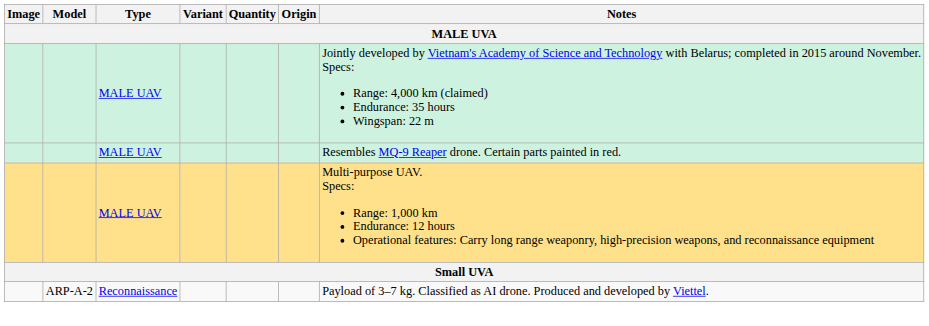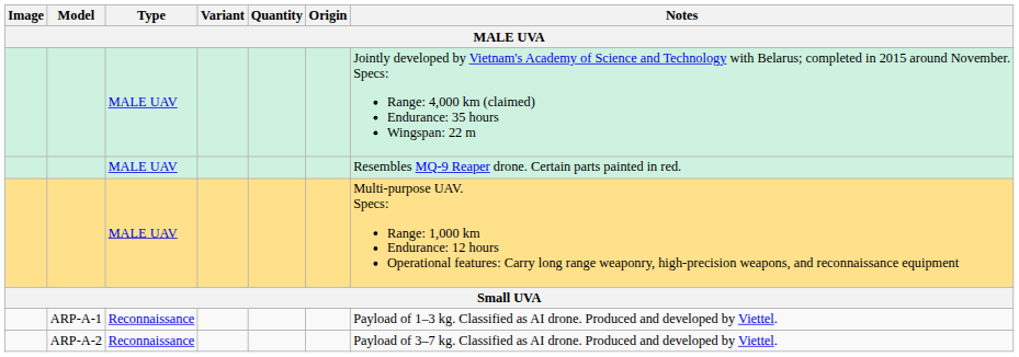 <table class="wikitable">
 <tr>
 <th>Image</th>
 <th>Model</th>
 <th>Type</th>
 <th>Variant</th>
 <th>Quantity</th>
 <th>Origin</th>
 <th>Notes</th>
 </tr>
 <tr>
 <th colspan="7">MALE UVA</th>
 </tr>
 <tr>
 <td style="background: #CEF2E0 "></td>
 <td style="background: #CEF2E0 "></td>
 <td style="background: #CEF2E0 "><a href='#'>MALE UAV</a></td>
 <td style="background: #CEF2E0 "></td>
 <td style="background: #CEF2E0 "></td>
 <td style="background: #CEF2E0 "><br></td>
 <td style="background: #CEF2E0 ">Jointly developed by <a href='#'>Vietnam's Academy of Science and Technology</a> with Belarus; completed in 2015 around November.<br>Specs:<ul><li>Range: 4,000 km (claimed)</li><li>Endurance: 35 hours</li><li>Wingspan: 22 m</li></ul></td>
 </tr>
 <tr>
 <td style="background: #CEF2E0 "></td>
 <td style="background: #CEF2E0 "></td>
 <td style="background: #CEF2E0 "><a href='#'>MALE UAV</a></td>
 <td style="background: #CEF2E0 "></td>
 <td style="background: #CEF2E0 "></td>
 <td style="background: #CEF2E0 "></td>
 <td style="background: #CEF2E0 ">Resembles <a href='#'>MQ-9 Reaper</a> drone. Certain parts painted in red.</td>
 </tr>
 <tr>
 <td style="background: #FFE18B"></td>
 <td style="background: #FFE18B"></td>
 <td style="background: #FFE18B"><a href='#'>MALE UAV</a></td>
 <td style="background: #FFE18B"></td>
 <td style="background: #FFE18B"></td>
 <td style="background: #FFE18B"></td>
 <td style="background: #FFE18B">Multi-purpose UAV.<br>Specs:<ul><li>Range: 1,000 km</li><li>Endurance: 12 hours</li><li>Operational features: Carry long range weaponry, high-precision weapons, and reconnaissance equipment</li></ul></td>
 </tr>
 <tr>
 <th colspan="7">Small UVA</th>
 </tr>
 <tr>
 <td></td>
+<td>ARP-A-1</td>
+<td><a href='#'>Reconnaissance</a></td>
+<td></td>
+<td></td>
+<td></td>
+<td>Payload of 1–3 kg. Classified as AI drone. Produced and developed by <a href='#'>Viettel</a>.</td>
+</tr>
+<tr>
+<td></td>
 <td>ARP-A-2</td>
 <td><a href='#'>Reconnaissance</a></td>
 <td></td>
 <td></td>
 <td></td>
 <td>Payload of 3–7 kg. Classified as AI drone. Produced and developed by <a href='#'>Viettel</a>.</td>
 </tr>
 </table>
